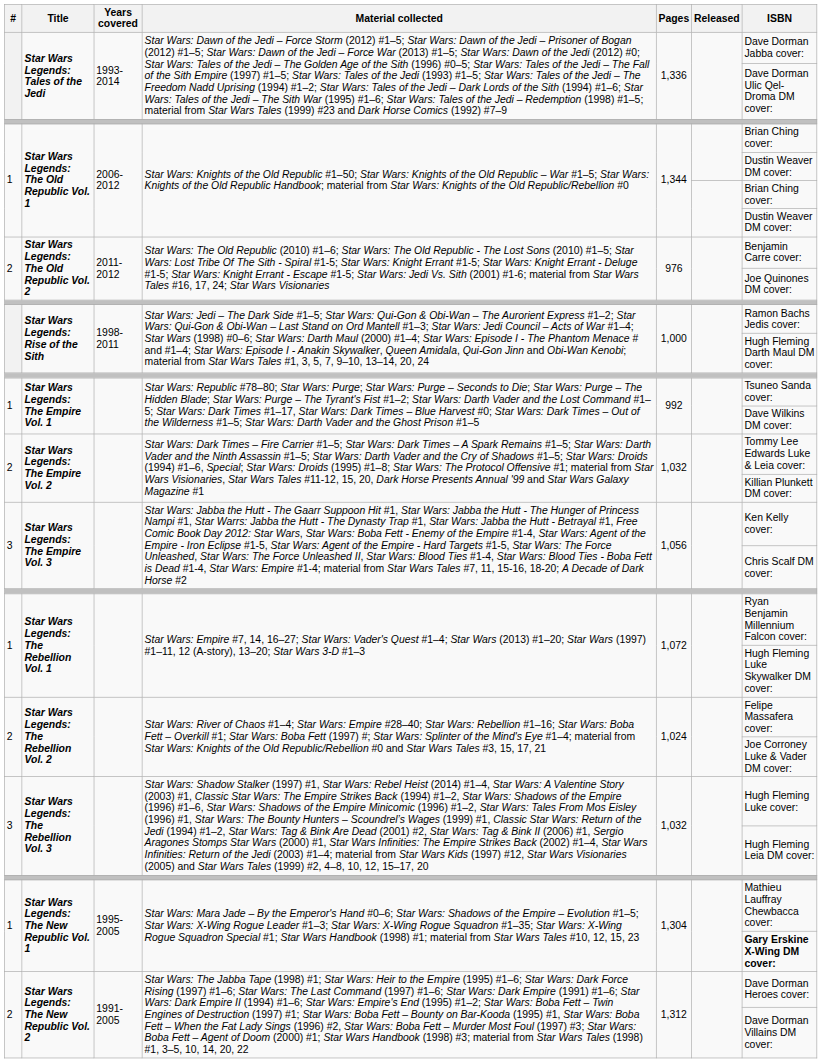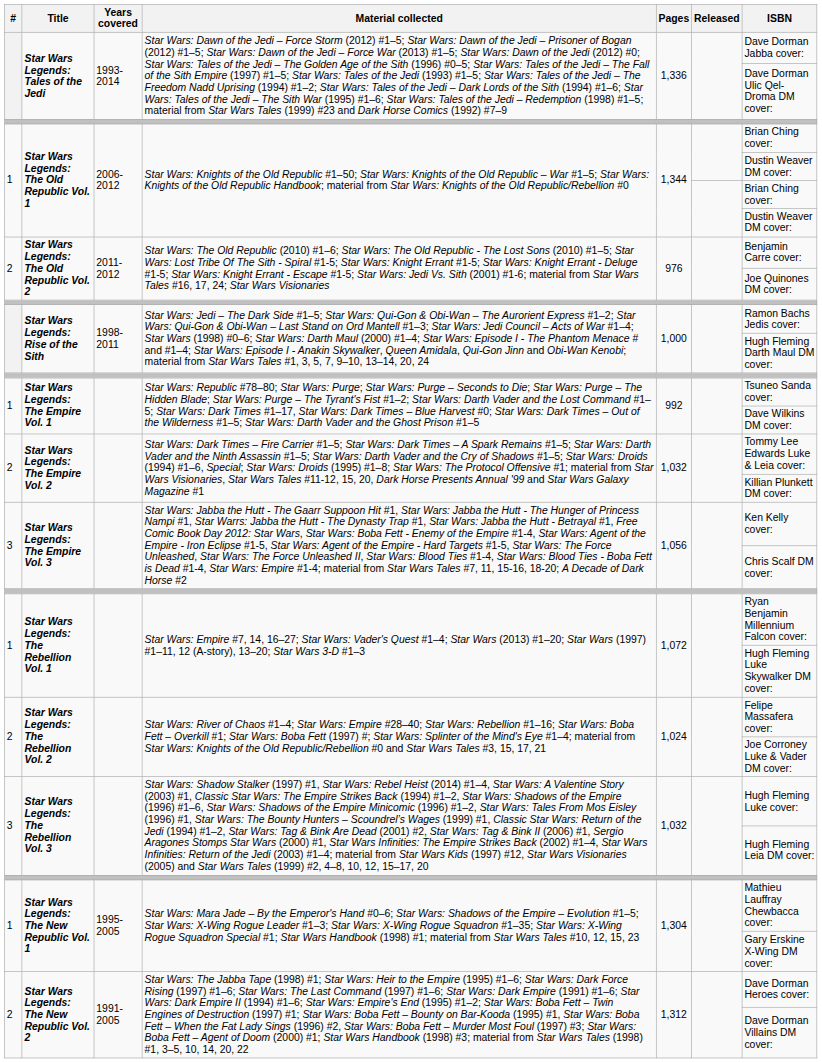 <table class="wikitable sortable" width=99%>
 <tr>
 <th class="unsortable" width=20px>#</th>
 <th>Title</th>
 <th>Years covered</th>
 <th class="unsortable">Material collected</th>
 <th>Pages</th>
 <th>Released</th>
 <th class="unsortable">ISBN</th>
 </tr>
 <tr>
 <th style="background-color: light grey;" rowspan=2></th>
 <td rowspan=2><strong><em>Star Wars Legends: Tales of the Jedi</em></strong></td>
 <td rowspan=2>1993-2014</td>
 <td rowspan=2><em>Star Wars: Dawn of the Jedi – Force Storm</em> (2012) #1–5; <em>Star Wars: Dawn of the Jedi – Prisoner of Bogan</em> (2012) #1–5; <em>Star Wars: Dawn of the Jedi – Force War</em> (2013) #1–5; <em>Star Wars: Dawn of the Jedi</em> (2012) #0; <em>Star Wars: Tales of the Jedi – The Golden Age of the Sith</em> (1996) #0–5; <em>Star Wars: Tales of the Jedi – The Fall of the Sith Empire</em> (1997) #1–5; <em>Star Wars: Tales of the Jedi</em> (1993) #1–5; <em>Star Wars: Tales of the Jedi – The Freedom Nadd Uprising</em> (1994) #1–2; <em>Star Wars: Tales of the Jedi – Dark Lords of the Sith</em> (1994) #1–6; <em>Star Wars: Tales of the Jedi – The Sith War</em> (1995) #1–6; <em>Star Wars: Tales of the Jedi – Redemption</em> (1998) #1–5; material from <em>Star Wars Tales</em> (1999) #23 and <em>Dark Horse Comics</em> (1992) #7–9</td>
 <td style="text-align: center;" rowspan=2>1,336</td>
 <td rowspan=2></td>
 <td>Dave Dorman Jabba cover: </td>
 </tr>
 <tr>
 <td>Dave Dorman Ulic Qel-Droma DM cover: </td>
 </tr>
 <tr>
 <th colspan="7" style="background-color: silver;"></th>
 </tr>
 <tr>
 <td rowspan=4>1</td>
 <td rowspan=4><strong><em>Star Wars Legends: The Old Republic Vol. 1</em></strong></td>
 <td rowspan=4>2006-2012</td>
 <td rowspan=4><em>Star Wars: Knights of the Old Republic</em> #1–50; <em>Star Wars: Knights of the Old Republic – War</em> #1–5; <em>Star Wars: Knights of the Old Republic Handbook</em>; material from <em>Star Wars: Knights of the Old Republic/Rebellion</em> #0</td>
 <td style="text-align: center;" rowspan=4>1,344</td>
 <td rowspan=2></td>
 <td>Brian Ching cover: </td>
 </tr>
 <tr>
 <td>Dustin Weaver DM cover: </td>
 </tr>
 <tr>
 <td rowspan=2></td>
 <td>Brian Ching cover: </td>
 </tr>
 <tr>
 <td>Dustin Weaver DM cover: </td>
 </tr>
 <tr>
 <td rowspan=2>2</td>
 <td rowspan=2><strong><em>Star Wars Legends: The Old Republic Vol. 2</em></strong></td>
 <td rowspan=2>2011-2012</td>
 <td rowspan=2><em>Star Wars: The Old Republic</em> (2010) #1–6; <em>Star Wars: The Old Republic - The Lost Sons</em> (2010) #1–5; <em>Star Wars: Lost Tribe Of The Sith - Spiral</em> #1-5; <em>Star Wars: Knight Errant</em> #1-5; <em>Star Wars: Knight Errant - Deluge</em> #1-5; <em>Star Wars: Knight Errant - Escape</em> #1-5; <em>Star Wars: Jedi Vs. Sith</em> (2001) #1-6; material from <em>Star Wars Tales</em> #16, 17, 24; <em>Star Wars Visionaries</em></td>
 <td rowspan=2 style="text-align: center;">976</td>
 <td rowspan=2></td>
 <td>Benjamin Carre cover: </td>
 </tr>
 <tr>
 <td>Joe Quinones DM cover: </td>
 </tr>
 <tr>
 <th colspan="7" style="background-color: silver;"></th>
 </tr>
 <tr>
 <th style="background-color: light grey;" rowspan=2></th>
 <td rowspan=2><strong><em>Star Wars Legends: Rise of the Sith</em></strong></td>
 <td rowspan=2>1998-2011</td>
 <td rowspan=2><em>Star Wars: Jedi – The Dark Side</em> #1–5; <em>Star Wars: Qui-Gon & Obi-Wan – The Aurorient Express</em> #1–2; <em>Star Wars: Qui-Gon & Obi-Wan – Last Stand on Ord Mantell</em> #1–3; <em>Star Wars: Jedi Council – Acts of War</em> #1–4; <em>Star Wars</em> (1998) #0–6; <em>Star Wars: Darth Maul</em> (2000) #1–4; <em>Star Wars: Episode I - The Phantom Menace</em> # and #1–4; <em>Star Wars: Episode I - Anakin Skywalker</em>, <em>Queen Amidala</em>, <em>Qui-Gon Jinn</em> and <em>Obi-Wan Kenobi</em>; material from <em>Star Wars Tales</em> #1, 3, 5, 7, 9–10, 13–14, 20, 24</td>
 <td style="text-align: center;" rowspan=2>1,000</td>
 <td rowspan=2></td>
 <td>Ramon Bachs Jedis cover: </td>
 </tr>
 <tr>
 <td>Hugh Fleming Darth Maul DM cover: </td>
 </tr>
 <tr>
 <th colspan="7" style="background-color: silver;"></th>
 </tr>
 <tr>
 <td rowspan=2>1</td>
 <td rowspan=2><strong><em>Star Wars Legends: The Empire Vol. 1</em></strong></td>
 <td rowspan=2></td>
 <td rowspan=2><em>Star Wars: Republic</em> #78–80; <em>Star Wars: Purge</em>; <em>Star Wars: Purge – Seconds to Die</em>; <em>Star Wars: Purge – The Hidden Blade</em>; <em>Star Wars: Purge – The Tyrant's Fist</em> #1–2; <em>Star Wars: Darth Vader and the Lost Command</em> #1–5; <em>Star Wars: Dark Times</em> #1–17, <em>Star Wars: Dark Times – Blue Harvest</em> #0; <em>Star Wars: Dark Times – Out of the Wilderness</em> #1–5; <em>Star Wars: Darth Vader and the Ghost Prison</em> #1–5</td>
 <td style="text-align: center;" rowspan=2>992</td>
 <td rowspan=2></td>
 <td>Tsuneo Sanda cover: </td>
 </tr>
 <tr>
 <td>Dave Wilkins DM cover: </td>
 </tr>
 <tr>
 <td rowspan=2>2</td>
 <td rowspan=2><strong><em>Star Wars Legends: The Empire Vol. 2</em></strong></td>
 <td rowspan=2></td>
 <td rowspan=2><em>Star Wars: Dark Times – Fire Carrier</em>  #1–5; <em>Star Wars: Dark Times – A Spark Remains</em> #1–5; <em>Star Wars: Darth Vader and the Ninth Assassin</em> #1–5; <em>Star Wars: Darth Vader and the Cry of Shadows</em> #1–5; <em>Star Wars: Droids</em> (1994) #1–6, <em>Special</em>; <em>Star Wars: Droids</em> (1995) #1–8; <em>Star Wars: The Protocol Offensive</em> #1; material from <em>Star Wars Visionaries</em>, <em>Star Wars Tales</em> #11-12, 15, 20, <em>Dark Horse Presents Annual '99</em> and <em>Star Wars Galaxy Magazine</em> #1</td>
 <td style="text-align: center;" rowspan=2>1,032</td>
 <td rowspan=2></td>
 <td>Tommy Lee Edwards Luke & Leia cover: </td>
 </tr>
 <tr>
 <td>Killian Plunkett DM cover: </td>
 </tr>
 <tr>
 <td rowspan=2>3</td>
 <td rowspan=2><strong><em>Star Wars Legends: The Empire Vol. 3</em></strong></td>
 <td rowspan=2></td>
 <td rowspan=2><em>Star Wars: Jabba the Hutt - The Gaarr Suppoon Hit</em> #1, <em>Star Wars: Jabba the Hutt - The Hunger of Princess Nampi</em> #1, <em>Star Warrs: Jabba the Hutt - The Dynasty Trap</em> #1, <em>Star Wars: Jabba the Hutt - Betrayal</em> #1, <em>Free Comic Book Day 2012: Star Wars</em>, <em>Star Wars: Boba Fett - Enemy of the Empire</em> #1-4, <em>Star Wars: Agent of the Empire - Iron Eclipse</em> #1-5, <em>Star Wars: Agent of the Empire - Hard Targets</em> #1-5, <em>Star Wars: The Force Unleashed</em>, <em>Star Wars: The Force Unleashed II</em>, <em>Star Wars: Blood Ties</em> #1-4, <em>Star Wars: Blood Ties - Boba Fett is Dead</em> #1-4, <em>Star Wars: Empire</em> #1-4; material from <em>Star Wars Tales</em> #7, 11, 15-16, 18-20; <em>A Decade of Dark Horse</em> #2</td>
 <td style="text-align: center;" rowspan=2>1,056</td>
 <td rowspan=2></td>
 <td>Ken Kelly cover: </td>
 </tr>
 <tr>
 <td>Chris Scalf DM cover: </td>
 </tr>
 <tr>
 <th colspan="7" style="background-color: silver;"></th>
 </tr>
 <tr>
 <td rowspan=2>1</td>
 <td rowspan=2><strong><em>Star Wars Legends: The Rebellion Vol. 1</em></strong></td>
 <td rowspan=2></td>
 <td rowspan=2><em>Star Wars: Empire</em> #7, 14, 16–27; <em>Star Wars: Vader's Quest</em> #1–4; <em>Star Wars</em> (2013) #1–20; <em>Star Wars</em> (1997) #1–11, 12 (A-story), 13–20; <em>Star Wars 3-D</em> #1–3</td>
 <td style="text-align: center;" rowspan=2>1,072</td>
 <td rowspan=2></td>
 <td>Ryan Benjamin Millennium Falcon cover: </td>
 </tr>
 <tr>
 <td>Hugh Fleming Luke Skywalker DM cover: </td>
 </tr>
 <tr>
 <td rowspan=2>2</td>
 <td rowspan=2><strong><em>Star Wars Legends: The Rebellion Vol. 2</em></strong></td>
 <td rowspan=2></td>
 <td rowspan=2><em>Star Wars: River of Chaos</em> #1–4; <em>Star Wars: Empire</em> #28–40; <em>Star Wars: Rebellion</em> #1–16; <em>Star Wars: Boba Fett – Overkill</em> #1; <em>Star Wars: Boba Fett</em> (1997) #; <em>Star Wars: Splinter of the Mind's Eye</em> #1–4; material from <em>Star Wars: Knights of the Old Republic/Rebellion</em> #0 and <em>Star Wars Tales</em> #3, 15, 17, 21</td>
 <td style="text-align: center;" rowspan=2>1,024</td>
 <td rowspan=2></td>
 <td>Felipe Massafera cover: </td>
 </tr>
 <tr>
 <td>Joe Corroney Luke & Vader DM cover: </td>
 </tr>
 <tr>
 <td rowspan=2>3</td>
 <td rowspan=2><strong><em>Star Wars Legends: The Rebellion Vol. 3</em></strong></td>
 <td rowspan=2></td>
 <td rowspan=2><em>Star Wars: Shadow Stalker</em> (1997) #1, <em>Star Wars: Rebel Heist</em> (2014) #1–4, <em>Star Wars: A Valentine Story</em> (2003) #1, <em>Classic Star Wars: The Empire Strikes Back</em> (1994) #1–2, <em>Star Wars: Shadows of the Empire</em> (1996) #1–6, <em>Star Wars: Shadows of the Empire Minicomic</em> (1996) #1–2, <em>Star Wars: Tales From Mos Eisley</em> (1996) #1, <em>Star Wars: The Bounty Hunters – Scoundrel’s Wages</em> (1999) #1, <em>Classic Star Wars: Return of the Jedi</em> (1994) #1–2, <em>Star Wars: Tag & Bink Are Dead</em> (2001) #2, <em>Star Wars: Tag & Bink II</em> (2006) #1, <em>Sergio Aragones Stomps Star Wars</em> (2000) #1, <em>Star Wars Infinities: The Empire Strikes Back</em> (2002) #1–4, <em>Star Wars Infinities: Return of the Jedi</em> (2003) #1–4; material from <em>Star Wars Kids</em> (1997) #12, <em>Star Wars Visionaries</em> (2005) and <em>Star Wars Tales</em> (1999) #2, 4–8, 10, 12, 15–17, 20</td>
 <td style="text-align: center;" rowspan=2>1,032</td>
 <td rowspan=2></td>
 <td>Hugh Fleming Luke cover: </td>
 </tr>
 <tr>
 <td>Hugh Fleming Leia DM cover: </td>
 </tr>
 <tr>
 <th colspan="7" style="background-color: silver;"></th>
 </tr>
 <tr>
 <td rowspan=2>1</td>
 <td rowspan=2><strong><em>Star Wars Legends: The New Republic Vol. 1</em></strong></td>
 <td rowspan=2>1995-2005</td>
 <td rowspan=2><em>Star Wars: Mara Jade – By the Emperor's Hand</em> #0–6; <em>Star Wars: Shadows of the Empire – Evolution</em> #1–5; <em>Star Wars: X-Wing Rogue Leader</em> #1–3; <em>Star Wars: X-Wing Rogue Squadron</em> #1–35; <em>Star Wars: X-Wing Rogue Squadron Special</em> #1; <em>Star Wars Handbook</em> (1998) #1; material from <em>Star Wars Tales</em> #10, 12, 15, 23</td>
 <td style="text-align: center;" rowspan=2>1,304</td>
 <td rowspan=2></td>
 <td>Mathieu Lauffray Chewbacca cover: </td>
 </tr>
 <tr>
-<td><strong>Gary Erskine X-Wing DM cover: </strong></td>
+<td>Gary Erskine X-Wing DM cover: </td>
 </tr>
 <tr>
 <td rowspan=2>2</td>
 <td rowspan=2><strong><em>Star Wars Legends: The New Republic Vol. 2</em></strong></td>
 <td rowspan=2>1991-2005</td>
 <td rowspan=2><em>Star Wars: The Jabba Tape</em> (1998) #1; <em>Star Wars: Heir to the Empire</em> (1995) #1–6; <em>Star Wars: Dark Force Rising</em> (1997) #1–6; <em>Star Wars: The Last Command</em> (1997) #1–6; <em>Star Wars: Dark Empire</em> (1991) #1–6; <em>Star Wars: Dark Empire II</em> (1994) #1–6; <em>Star Wars: Empire's End</em> (1995) #1–2; <em>Star Wars: Boba Fett – Twin Engines of Destruction</em> (1997) #1; <em>Star Wars: Boba Fett – Bounty on Bar-Kooda</em> (1995) #1, <em>Star Wars: Boba Fett – When the Fat Lady Sings</em> (1996) #2, <em>Star Wars: Boba Fett – Murder Most Foul</em> (1997) #3; <em>Star Wars: Boba Fett – Agent of Doom</em> (2000) #1; <em>Star Wars Handbook</em> (1998) #3; material from <em>Star Wars Tales</em> (1998) #1, 3–5, 10, 14, 20, 22</td>
 <td style="text-align: center;" rowspan=2>1,312</td>
 <td rowspan=2></td>
 <td>Dave Dorman Heroes cover: </td>
 </tr>
 <tr>
 <td>Dave Dorman Villains DM cover: </td>
 </tr>
 </table>
